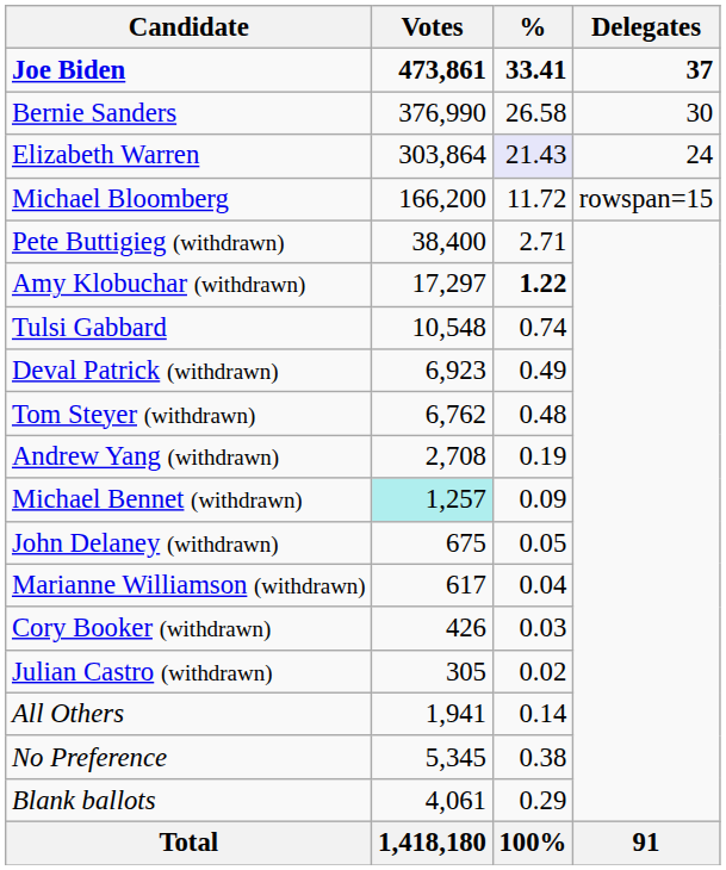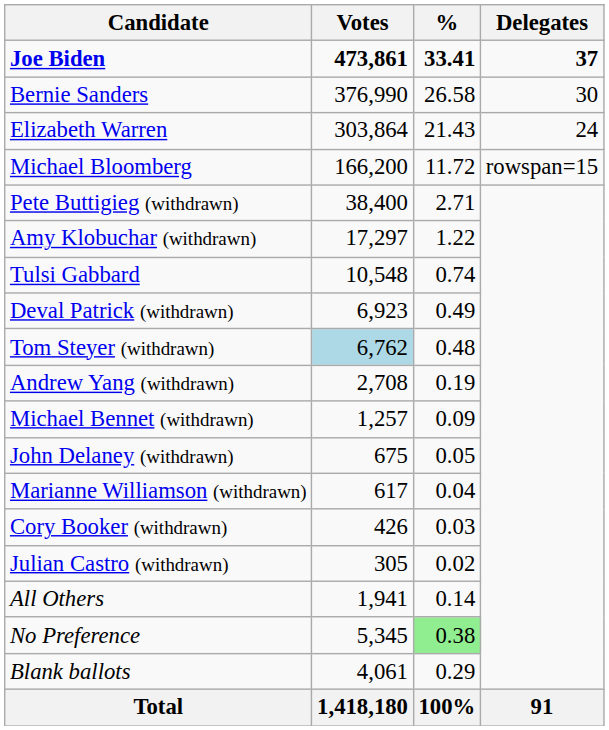 <table class="wikitable sortable" style="text-align:right;">
 <tr>
 <th>Candidate</th>
 <th>Votes</th>
 <th>%</th>
 <th>Delegates</th>
 </tr>
 <tr>
 <td style="text-align:left;" data-sort-value="Biden, Joe"><strong><a href='#'>Joe Biden</a></strong></td>
 <td><strong>473,861</strong></td>
 <td><strong>33.41</strong></td>
 <td><strong>37</strong></td>
 </tr>
 <tr>
 <td style="text-align:left;" data-sort-value="Sanders, Bernie"><a href='#'>Bernie Sanders</a></td>
 <td>376,990</td>
 <td>26.58</td>
 <td>30</td>
 </tr>
 <tr>
 <td style="text-align:left;" data-sort-value="Warren, Elizabeth"><a href='#'>Elizabeth Warren</a></td>
 <td>303,864</td>
-<td style="background: lavender;">21.43</td>
+<td>21.43</td>
 <td>24</td>
 </tr>
 <tr>
 <td style="text-align:left;" data-sort-value="Bloomberg, Michael"><a href='#'>Michael Bloomberg</a></td>
 <td>166,200</td>
 <td>11.72</td>
 <td>rowspan=15 </td>
 </tr>
 <tr>
 <td style="text-align:left;" data-sort-value="Buttigieg, Pete"><a href='#'>Pete Buttigieg</a> <small>(withdrawn)</small></td>
 <td>38,400</td>
 <td>2.71</td>
 </tr>
 <tr>
 <td style="text-align:left;" data-sort-value="Klobuchar, Amy"><a href='#'>Amy Klobuchar</a> <small>(withdrawn)</small></td>
 <td>17,297</td>
-<td><strong>1.22</strong></td>
+<td>1.22</td>
 </tr>
 <tr>
 <td style="text-align:left;" data-sort-value="Gabbard, Tulsi"><a href='#'>Tulsi Gabbard</a></td>
 <td>10,548</td>
 <td>0.74</td>
 </tr>
 <tr>
 <td style="text-align:left;" data-sort-value="Patrick, Deval"><a href='#'>Deval Patrick</a> <small>(withdrawn)</small></td>
 <td>6,923</td>
 <td>0.49</td>
 </tr>
 <tr>
 <td style="text-align:left;" data-sort-value="Steyer, Tom"><a href='#'>Tom Steyer</a> <small>(withdrawn)</small></td>
-<td>6,762</td>
+<td style="background: lightblue;">6,762</td>
 <td>0.48</td>
 </tr>
 <tr>
 <td style="text-align:left;" data-sort-value="Yang, Andrew"><a href='#'>Andrew Yang</a> <small>(withdrawn)</small></td>
 <td>2,708</td>
 <td>0.19</td>
 </tr>
 <tr>
 <td style="text-align:left;" data-sort-value="Bennet, Michael"><a href='#'>Michael Bennet</a> <small>(withdrawn)</small></td>
-<td style="background: paleturquoise;">1,257</td>
+<td>1,257</td>
 <td>0.09</td>
 </tr>
 <tr>
 <td style="text-align:left;" data-sort-value="Delaney, John"><a href='#'>John Delaney</a> <small>(withdrawn)</small></td>
 <td>675</td>
 <td>0.05</td>
 </tr>
 <tr>
 <td style="text-align:left;" data-sort-value="Williamson, Marianne"><a href='#'>Marianne Williamson</a> <small>(withdrawn)</small></td>
 <td>617</td>
 <td>0.04</td>
 </tr>
 <tr>
 <td style="text-align:left;" data-sort-value="Booker, Cory"><a href='#'>Cory Booker</a> <small>(withdrawn)</small></td>
 <td>426</td>
 <td>0.03</td>
 </tr>
 <tr>
 <td style="text-align:left;" data-sort-value="Castro, Julian"><a href='#'>Julian Castro</a> <small>(withdrawn)</small></td>
 <td>305</td>
 <td>0.02</td>
 </tr>
 <tr>
 <td style="text-align:left;" data-sort-value="ZZA"><em>All Others</em></td>
 <td>1,941</td>
 <td>0.14</td>
 </tr>
 <tr>
 <td style="text-align:left;" data-sort-value="ZZB"><em>No Preference</em></td>
 <td>5,345</td>
-<td>0.38</td>
+<td style="background: lightgreen;">0.38</td>
 </tr>
 <tr>
 <td style="text-align:left;" data-sort-value="ZZC"><em>Blank ballots</em></td>
 <td>4,061</td>
 <td>0.29</td>
 </tr>
 <tr>
 <th>Total</th>
 <th>1,418,180</th>
 <th>100%</th>
 <th>91</th>
 </tr>
 </table>
